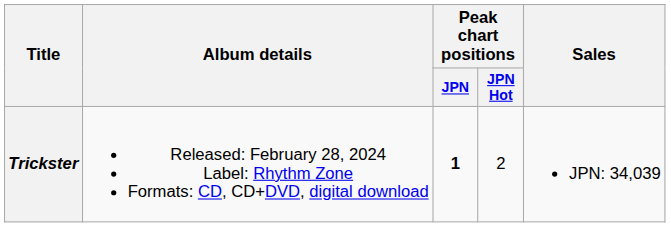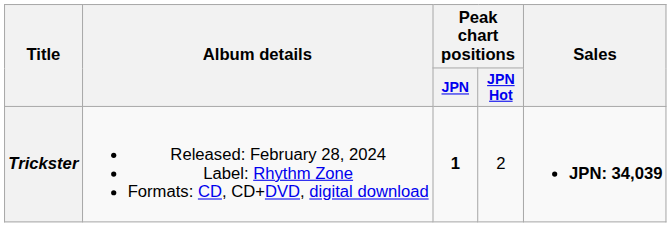 <table class="wikitable plainrowheaders" style="text-align:center;">
 <tr>
 <th scope="col" rowspan="2">Title</th>
 <th scope="col" rowspan="2">Album details</th>
 <th scope="col" colspan="2">Peak chart positions</th>
 <th scope="col" rowspan="2">Sales</th>
 </tr>
 <tr>
 <th scope="col" style="width:2.75em;font-size:85%;"><a href='#'>JPN</a><br></th>
 <th scope="col" style="width:2.75em;font-size:85%;"><a href='#'>JPN<br>Hot</a><br></th>
 </tr>
 <tr>
 <th scope="row"><em>Trickster</em></th>
 <td><br><ul><li>Released: February 28, 2024</li><li>Label: <a href='#'>Rhythm Zone</a></li><li>Formats: <a href='#'>CD</a>, CD+<a href='#'>DVD</a>, <a href='#'>digital download</a></li></ul></td>
 <td><strong>1</strong></td>
 <td>2</td>
-<td><br><ul><li>JPN: 34,039 </li></ul></td>
+<td><strong><br><ul><li>JPN: 34,039 </li></ul></strong></td>
 </tr>
 </table>
